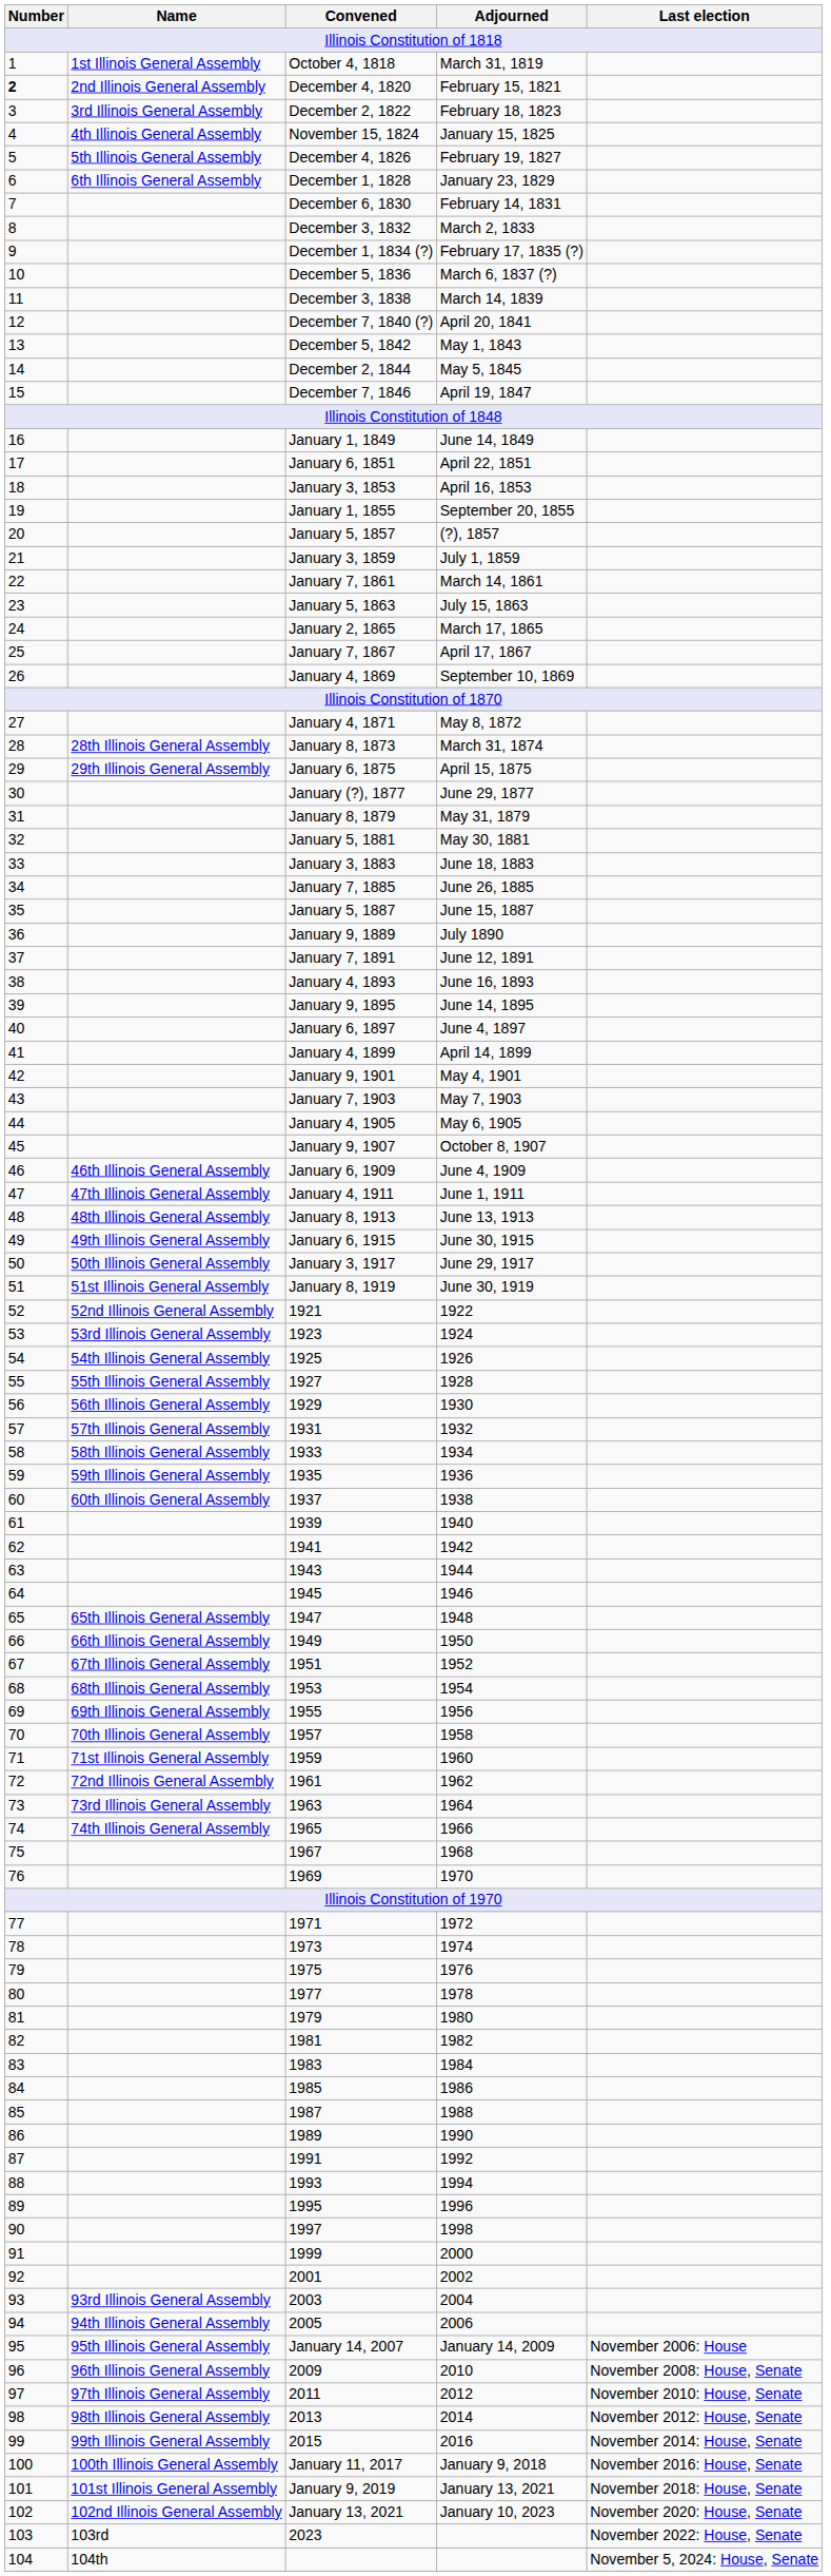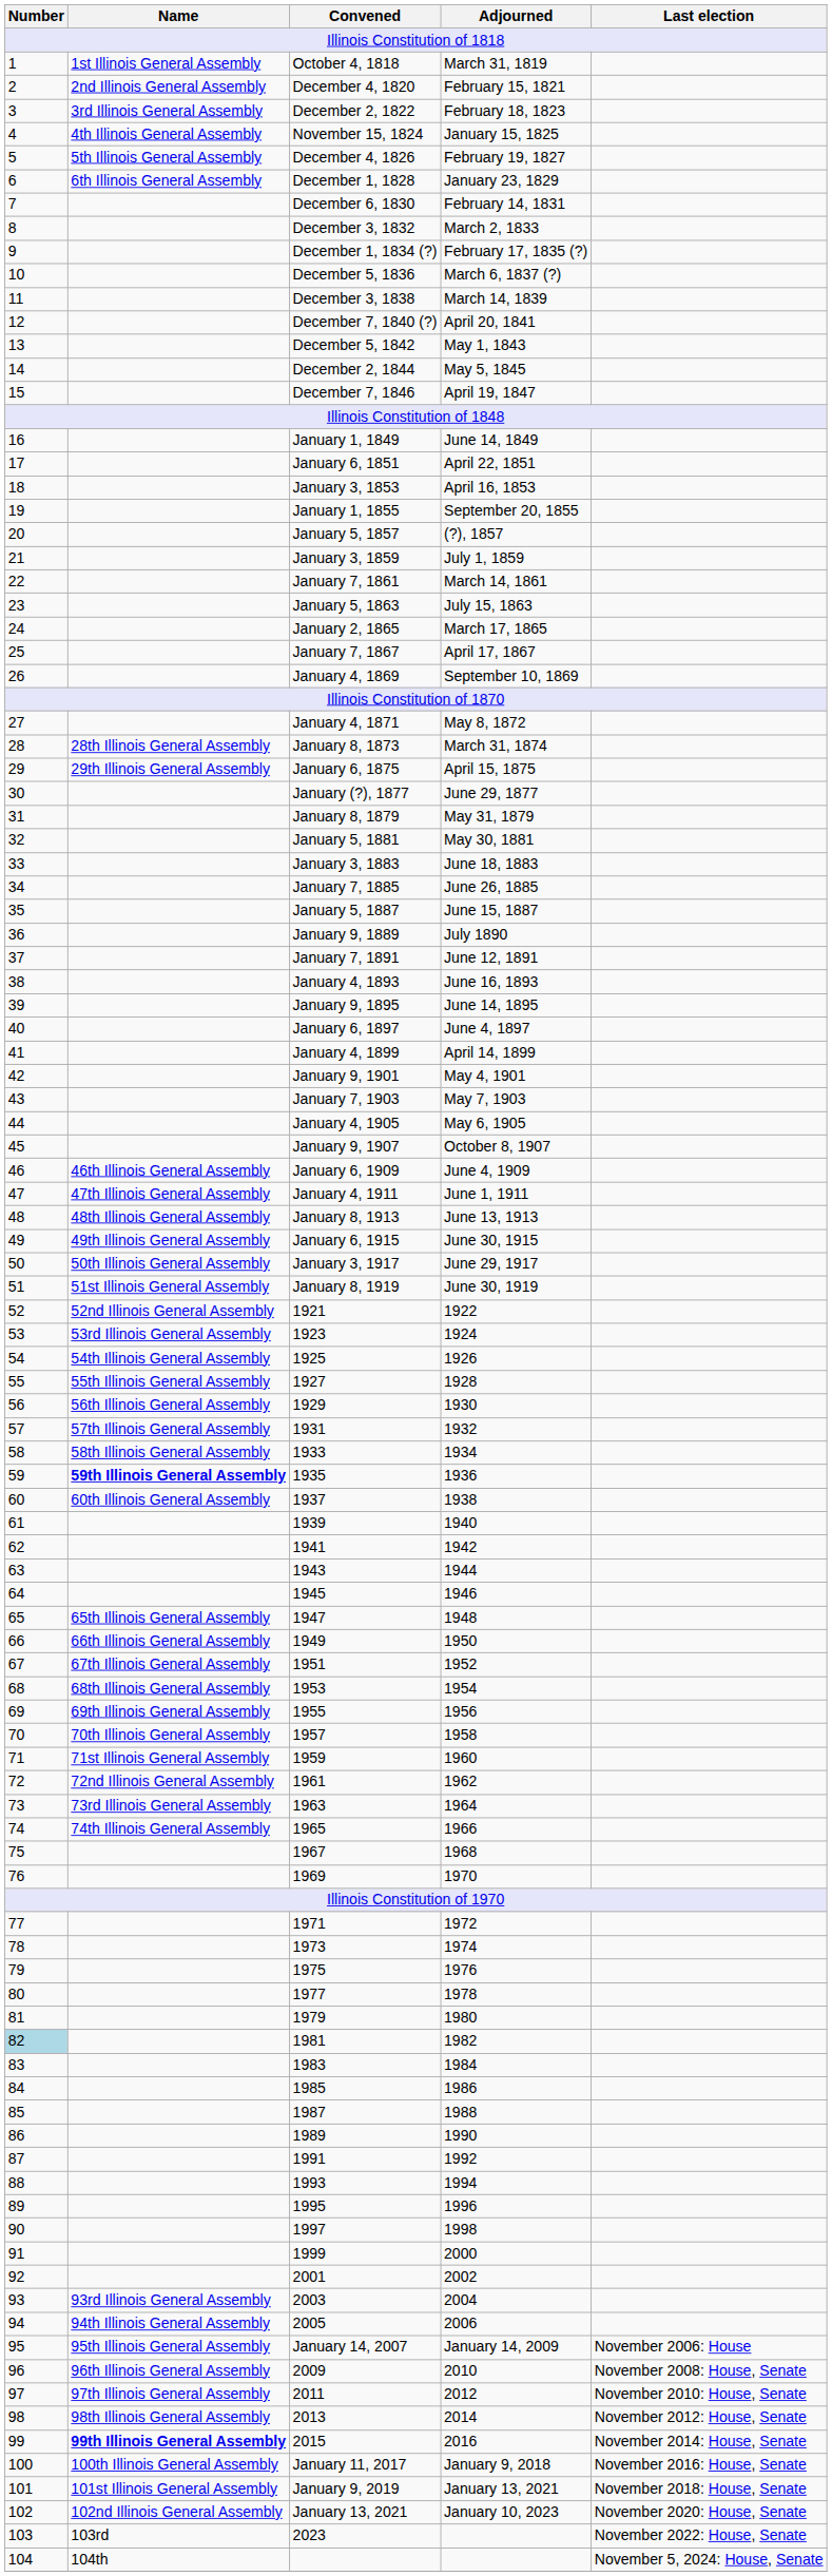 <table class="wikitable mw-datatable sticky-header">
 <tr>
 <th>Number</th>
 <th>Name</th>
 <th>Convened</th>
 <th>Adjourned</th>
 <th>Last election</th>
 </tr>
 <tr>
 <td colspan=5 style="text-align: center; background-color:#E6E6FA;"><a href='#'>Illinois Constitution of 1818</a></td>
 </tr>
 <tr>
 <td>1</td>
 <td><a href='#'>1st Illinois General Assembly</a></td>
 <td>October 4, 1818</td>
 <td>March 31, 1819</td>
 <td></td>
 </tr>
 <tr>
-<td><strong>2</strong></td>
+<td>2</td>
 <td><a href='#'>2nd Illinois General Assembly</a></td>
 <td>December 4, 1820</td>
 <td>February 15, 1821</td>
 <td></td>
 </tr>
 <tr>
 <td>3</td>
 <td><a href='#'>3rd Illinois General Assembly</a></td>
 <td>December 2, 1822</td>
 <td>February 18, 1823</td>
 <td></td>
 </tr>
 <tr>
 <td>4</td>
 <td><a href='#'>4th Illinois General Assembly</a></td>
 <td>November 15, 1824</td>
 <td>January 15, 1825</td>
 <td></td>
 </tr>
 <tr>
 <td>5</td>
 <td><a href='#'>5th Illinois General Assembly</a></td>
 <td>December 4, 1826</td>
 <td>February 19, 1827</td>
 <td></td>
 </tr>
 <tr>
 <td>6</td>
 <td><a href='#'>6th Illinois General Assembly</a></td>
 <td>December 1, 1828</td>
 <td>January 23, 1829</td>
 <td></td>
 </tr>
 <tr>
 <td>7</td>
 <td></td>
 <td>December 6, 1830</td>
 <td>February 14, 1831</td>
 <td></td>
 </tr>
 <tr>
 <td>8</td>
 <td></td>
 <td>December 3, 1832</td>
 <td>March 2, 1833</td>
 <td></td>
 </tr>
 <tr>
 <td>9</td>
 <td></td>
 <td>December 1, 1834 (?)</td>
 <td>February 17, 1835 (?)</td>
 <td></td>
 </tr>
 <tr>
 <td>10</td>
 <td></td>
 <td>December 5, 1836</td>
 <td>March 6, 1837 (?)</td>
 <td></td>
 </tr>
 <tr>
 <td>11</td>
 <td></td>
 <td>December 3, 1838</td>
 <td>March 14, 1839</td>
 <td></td>
 </tr>
 <tr>
 <td>12</td>
 <td></td>
 <td>December 7, 1840 (?)</td>
 <td>April 20, 1841</td>
 <td></td>
 </tr>
 <tr>
 <td>13</td>
 <td></td>
 <td>December 5, 1842</td>
 <td>May 1, 1843</td>
 <td></td>
 </tr>
 <tr>
 <td>14</td>
 <td></td>
 <td>December 2, 1844</td>
 <td>May 5, 1845</td>
 <td></td>
 </tr>
 <tr>
 <td>15</td>
 <td></td>
 <td>December 7, 1846</td>
 <td>April 19, 1847</td>
 <td></td>
 </tr>
 <tr>
 <td colspan=5 style="text-align: center; background-color:#E6E6FA;"><a href='#'>Illinois Constitution of 1848</a></td>
 </tr>
 <tr>
 <td>16</td>
 <td></td>
 <td>January 1, 1849</td>
 <td>June 14, 1849</td>
 <td></td>
 </tr>
 <tr>
 <td>17</td>
 <td></td>
 <td>January 6, 1851</td>
 <td>April 22, 1851</td>
 <td></td>
 </tr>
 <tr>
 <td>18</td>
 <td></td>
 <td>January 3, 1853</td>
 <td>April 16, 1853</td>
 <td></td>
 </tr>
 <tr>
 <td>19</td>
 <td></td>
 <td>January 1, 1855</td>
 <td>September 20, 1855</td>
 <td></td>
 </tr>
 <tr>
 <td>20</td>
 <td></td>
 <td>January 5, 1857</td>
 <td>(?), 1857</td>
 <td></td>
 </tr>
 <tr>
 <td>21</td>
 <td></td>
 <td>January 3, 1859</td>
 <td>July 1, 1859</td>
 <td></td>
 </tr>
 <tr>
 <td>22</td>
 <td></td>
 <td>January 7, 1861</td>
 <td>March 14, 1861</td>
 <td></td>
 </tr>
 <tr>
 <td>23</td>
 <td></td>
 <td>January 5, 1863</td>
 <td>July 15, 1863</td>
 <td></td>
 </tr>
 <tr>
 <td>24</td>
 <td></td>
 <td>January 2, 1865</td>
 <td>March 17, 1865</td>
 <td></td>
 </tr>
 <tr>
 <td>25</td>
 <td></td>
 <td>January 7, 1867</td>
 <td>April 17, 1867</td>
 <td></td>
 </tr>
 <tr>
 <td>26</td>
 <td></td>
 <td>January 4, 1869</td>
 <td>September 10, 1869</td>
 <td></td>
 </tr>
 <tr>
 <td colspan=5 style="text-align: center; background-color:#E6E6FA;"><a href='#'>Illinois Constitution of 1870</a></td>
 </tr>
 <tr>
 <td>27</td>
 <td></td>
 <td>January 4, 1871</td>
 <td>May 8, 1872</td>
 <td></td>
 </tr>
 <tr>
 <td>28</td>
 <td><a href='#'>28th Illinois General Assembly</a></td>
 <td>January 8, 1873</td>
 <td>March 31, 1874</td>
 <td></td>
 </tr>
 <tr>
 <td>29</td>
 <td><a href='#'>29th Illinois General Assembly</a></td>
 <td>January 6, 1875</td>
 <td>April 15, 1875</td>
 <td></td>
 </tr>
 <tr>
 <td>30</td>
 <td></td>
 <td>January (?), 1877</td>
 <td>June 29, 1877</td>
 <td></td>
 </tr>
 <tr>
 <td>31</td>
 <td></td>
 <td>January 8, 1879</td>
 <td>May 31, 1879</td>
 <td></td>
 </tr>
 <tr>
 <td>32</td>
 <td></td>
 <td>January 5, 1881</td>
 <td>May 30, 1881</td>
 <td></td>
 </tr>
 <tr>
 <td>33</td>
 <td></td>
 <td>January 3, 1883</td>
 <td>June 18, 1883</td>
 <td></td>
 </tr>
 <tr>
 <td>34</td>
 <td></td>
 <td>January 7, 1885</td>
 <td>June 26, 1885</td>
 <td></td>
 </tr>
 <tr>
 <td>35</td>
 <td></td>
 <td>January 5, 1887</td>
 <td>June 15, 1887</td>
 <td></td>
 </tr>
 <tr>
 <td>36</td>
 <td></td>
 <td>January 9, 1889</td>
 <td>July 1890</td>
 <td></td>
 </tr>
 <tr>
 <td>37</td>
 <td></td>
 <td>January 7, 1891</td>
 <td>June 12, 1891</td>
 <td></td>
 </tr>
 <tr>
 <td>38</td>
 <td></td>
 <td>January 4, 1893</td>
 <td>June 16, 1893</td>
 <td></td>
 </tr>
 <tr>
 <td>39</td>
 <td></td>
 <td>January 9, 1895</td>
 <td>June 14, 1895</td>
 <td></td>
 </tr>
 <tr>
 <td>40</td>
 <td></td>
 <td>January 6, 1897</td>
 <td>June 4, 1897</td>
 <td></td>
 </tr>
 <tr>
 <td>41</td>
 <td></td>
 <td>January 4, 1899</td>
 <td>April 14, 1899</td>
 <td></td>
 </tr>
 <tr>
 <td>42</td>
 <td></td>
 <td>January 9, 1901</td>
 <td>May 4, 1901</td>
 <td></td>
 </tr>
 <tr>
 <td>43</td>
 <td></td>
 <td>January 7, 1903</td>
 <td>May 7, 1903</td>
 <td></td>
 </tr>
 <tr>
 <td>44</td>
 <td></td>
 <td>January 4, 1905</td>
 <td>May 6, 1905</td>
 <td></td>
 </tr>
 <tr>
 <td>45</td>
 <td></td>
 <td>January 9, 1907</td>
 <td>October 8, 1907</td>
 <td></td>
 </tr>
 <tr>
 <td>46</td>
 <td><a href='#'>46th Illinois General Assembly</a></td>
 <td>January 6, 1909</td>
 <td>June 4, 1909</td>
 <td></td>
 </tr>
 <tr>
 <td>47</td>
 <td><a href='#'>47th Illinois General Assembly</a></td>
 <td>January 4, 1911</td>
 <td>June 1, 1911</td>
 <td></td>
 </tr>
 <tr>
 <td>48</td>
 <td><a href='#'>48th Illinois General Assembly</a></td>
 <td>January 8, 1913</td>
 <td>June 13, 1913</td>
 <td></td>
 </tr>
 <tr>
 <td>49</td>
 <td><a href='#'>49th Illinois General Assembly</a></td>
 <td>January 6, 1915</td>
 <td>June 30, 1915</td>
 <td></td>
 </tr>
 <tr>
 <td>50</td>
 <td><a href='#'>50th Illinois General Assembly</a></td>
 <td>January 3, 1917</td>
 <td>June 29, 1917</td>
 <td></td>
 </tr>
 <tr>
 <td>51</td>
 <td><a href='#'>51st Illinois General Assembly</a></td>
 <td>January 8, 1919</td>
 <td>June 30, 1919</td>
 <td></td>
 </tr>
 <tr>
 <td>52</td>
 <td><a href='#'>52nd Illinois General Assembly</a></td>
 <td>1921</td>
 <td>1922</td>
 <td></td>
 </tr>
 <tr>
 <td>53</td>
 <td><a href='#'>53rd Illinois General Assembly</a></td>
 <td>1923</td>
 <td>1924</td>
 <td></td>
 </tr>
 <tr>
 <td>54</td>
 <td><a href='#'>54th Illinois General Assembly</a></td>
 <td>1925</td>
 <td>1926</td>
 <td></td>
 </tr>
 <tr>
 <td>55</td>
 <td><a href='#'>55th Illinois General Assembly</a></td>
 <td>1927</td>
 <td>1928</td>
 <td></td>
 </tr>
 <tr>
 <td>56</td>
 <td><a href='#'>56th Illinois General Assembly</a></td>
 <td>1929</td>
 <td>1930</td>
 <td></td>
 </tr>
 <tr>
 <td>57</td>
 <td><a href='#'>57th Illinois General Assembly</a></td>
 <td>1931</td>
 <td>1932</td>
 <td></td>
 </tr>
 <tr>
 <td>58</td>
 <td><a href='#'>58th Illinois General Assembly</a></td>
 <td>1933</td>
 <td>1934</td>
 <td></td>
 </tr>
 <tr>
 <td>59</td>
-<td><a href='#'>59th Illinois General Assembly</a></td>
+<td><strong><a href='#'>59th Illinois General Assembly</a></strong></td>
 <td>1935</td>
 <td>1936</td>
 <td></td>
 </tr>
 <tr>
 <td>60</td>
 <td><a href='#'>60th Illinois General Assembly</a></td>
 <td>1937</td>
 <td>1938</td>
 <td></td>
 </tr>
 <tr>
 <td>61</td>
 <td></td>
 <td>1939</td>
 <td>1940</td>
 <td></td>
 </tr>
 <tr>
 <td>62</td>
 <td></td>
 <td>1941</td>
 <td>1942</td>
 <td></td>
 </tr>
 <tr>
 <td>63</td>
 <td></td>
 <td>1943</td>
 <td>1944</td>
 <td></td>
 </tr>
 <tr>
 <td>64</td>
 <td></td>
 <td>1945</td>
 <td>1946</td>
 <td></td>
 </tr>
 <tr>
 <td>65</td>
 <td><a href='#'>65th Illinois General Assembly</a></td>
 <td>1947</td>
 <td>1948</td>
 <td></td>
 </tr>
 <tr>
 <td>66</td>
 <td><a href='#'>66th Illinois General Assembly</a></td>
 <td>1949</td>
 <td>1950</td>
 <td></td>
 </tr>
 <tr>
 <td>67</td>
 <td><a href='#'>67th Illinois General Assembly</a></td>
 <td>1951</td>
 <td>1952</td>
 <td></td>
 </tr>
 <tr>
 <td>68</td>
 <td><a href='#'>68th Illinois General Assembly</a></td>
 <td>1953</td>
 <td>1954</td>
 <td></td>
 </tr>
 <tr>
 <td>69</td>
 <td><a href='#'>69th Illinois General Assembly</a></td>
 <td>1955</td>
 <td>1956</td>
 <td></td>
 </tr>
 <tr>
 <td>70</td>
 <td><a href='#'>70th Illinois General Assembly</a></td>
 <td>1957</td>
 <td>1958</td>
 <td></td>
 </tr>
 <tr>
 <td>71</td>
 <td><a href='#'>71st Illinois General Assembly</a></td>
 <td>1959</td>
 <td>1960</td>
 <td></td>
 </tr>
 <tr>
 <td>72</td>
 <td><a href='#'>72nd Illinois General Assembly</a></td>
 <td>1961</td>
 <td>1962</td>
 <td></td>
 </tr>
 <tr>
 <td>73</td>
 <td><a href='#'>73rd Illinois General Assembly</a></td>
 <td>1963</td>
 <td>1964</td>
 <td></td>
 </tr>
 <tr>
 <td>74</td>
 <td><a href='#'>74th Illinois General Assembly</a></td>
 <td>1965</td>
 <td>1966</td>
 <td></td>
 </tr>
 <tr>
 <td>75</td>
 <td></td>
 <td>1967</td>
 <td>1968</td>
 <td></td>
 </tr>
 <tr>
 <td>76</td>
 <td></td>
 <td>1969</td>
 <td>1970</td>
 <td></td>
 </tr>
 <tr>
 <td colspan=5 style="text-align: center; background-color:#E6E6FA;"><a href='#'>Illinois Constitution of 1970</a></td>
 </tr>
 <tr>
 <td>77</td>
 <td></td>
 <td>1971</td>
 <td>1972 </td>
 <td></td>
 </tr>
 <tr>
 <td>78</td>
 <td></td>
 <td>1973</td>
 <td>1974</td>
 <td></td>
 </tr>
 <tr>
 <td>79</td>
 <td></td>
 <td>1975</td>
 <td>1976</td>
 <td></td>
 </tr>
 <tr>
 <td>80</td>
 <td></td>
 <td>1977</td>
 <td>1978</td>
 <td></td>
 </tr>
 <tr>
 <td>81</td>
 <td></td>
 <td>1979</td>
 <td>1980</td>
 <td></td>
 </tr>
 <tr>
-<td>82</td>
+<td style="background: lightblue;">82</td>
 <td></td>
 <td>1981</td>
 <td>1982</td>
 <td></td>
 </tr>
 <tr>
 <td>83</td>
 <td></td>
 <td>1983</td>
 <td>1984</td>
 <td></td>
 </tr>
 <tr>
 <td>84</td>
 <td></td>
 <td>1985</td>
 <td>1986</td>
 <td></td>
 </tr>
 <tr>
 <td>85</td>
 <td></td>
 <td>1987</td>
 <td>1988</td>
 <td></td>
 </tr>
 <tr>
 <td>86</td>
 <td></td>
 <td>1989</td>
 <td>1990</td>
 <td></td>
 </tr>
 <tr>
 <td>87</td>
 <td></td>
 <td>1991</td>
 <td>1992</td>
 <td></td>
 </tr>
 <tr>
 <td>88</td>
 <td></td>
 <td>1993</td>
 <td>1994</td>
 <td></td>
 </tr>
 <tr>
 <td>89</td>
 <td></td>
 <td>1995</td>
 <td>1996</td>
 <td></td>
 </tr>
 <tr>
 <td>90</td>
 <td></td>
 <td>1997</td>
 <td>1998</td>
 <td></td>
 </tr>
 <tr>
 <td>91</td>
 <td></td>
 <td>1999</td>
 <td>2000</td>
 <td></td>
 </tr>
 <tr>
 <td>92</td>
 <td></td>
 <td>2001</td>
 <td>2002</td>
 <td></td>
 </tr>
 <tr>
 <td>93</td>
 <td><a href='#'>93rd Illinois General Assembly</a></td>
 <td>2003</td>
 <td>2004</td>
 <td></td>
 </tr>
 <tr>
 <td>94</td>
 <td><a href='#'>94th Illinois General Assembly</a></td>
 <td>2005</td>
 <td>2006</td>
 <td></td>
 </tr>
 <tr>
 <td>95</td>
 <td><a href='#'>95th Illinois General Assembly</a></td>
 <td>January 14, 2007</td>
 <td>January 14, 2009</td>
 <td>November 2006: <a href='#'>House</a></td>
 </tr>
 <tr>
 <td>96</td>
 <td><a href='#'>96th Illinois General Assembly</a></td>
 <td>2009</td>
 <td>2010</td>
 <td>November 2008: <a href='#'>House</a>, <a href='#'>Senate</a></td>
 </tr>
 <tr>
 <td>97</td>
 <td><a href='#'>97th Illinois General Assembly</a></td>
 <td>2011</td>
 <td>2012</td>
 <td>November 2010: <a href='#'>House</a>, <a href='#'>Senate</a></td>
 </tr>
 <tr>
 <td>98</td>
 <td><a href='#'>98th Illinois General Assembly</a></td>
 <td>2013</td>
 <td>2014</td>
 <td>November 2012: <a href='#'>House</a>, <a href='#'>Senate</a></td>
 </tr>
 <tr>
 <td>99</td>
-<td><a href='#'>99th Illinois General Assembly</a></td>
+<td><strong><a href='#'>99th Illinois General Assembly</a></strong></td>
 <td>2015</td>
 <td>2016</td>
 <td>November 2014: <a href='#'>House</a>, <a href='#'>Senate</a></td>
 </tr>
 <tr>
 <td>100</td>
 <td><a href='#'>100th Illinois General Assembly</a></td>
 <td>January 11, 2017</td>
 <td>January 9, 2018 </td>
 <td>November 2016: <a href='#'>House</a>, <a href='#'>Senate</a></td>
 </tr>
 <tr>
 <td>101</td>
 <td><a href='#'>101st Illinois General Assembly</a></td>
 <td>January 9, 2019</td>
 <td>January 13, 2021</td>
 <td>November 2018: <a href='#'>House</a>, <a href='#'>Senate</a></td>
 </tr>
 <tr>
 <td>102</td>
 <td><a href='#'>102nd Illinois General Assembly</a></td>
 <td>January 13, 2021</td>
 <td>January 10, 2023</td>
 <td>November 2020: <a href='#'>House</a>, <a href='#'>Senate</a></td>
 </tr>
 <tr>
 <td>103</td>
 <td>103rd</td>
 <td>2023</td>
 <td></td>
 <td>November 2022: <a href='#'>House</a>, <a href='#'>Senate</a></td>
 </tr>
 <tr>
 <td>104</td>
 <td>104th</td>
 <td></td>
 <td></td>
 <td>November 5, 2024: <a href='#'>House</a>, <a href='#'>Senate</a></td>
 </tr>
 <tr>
 </tr>
 </table>
